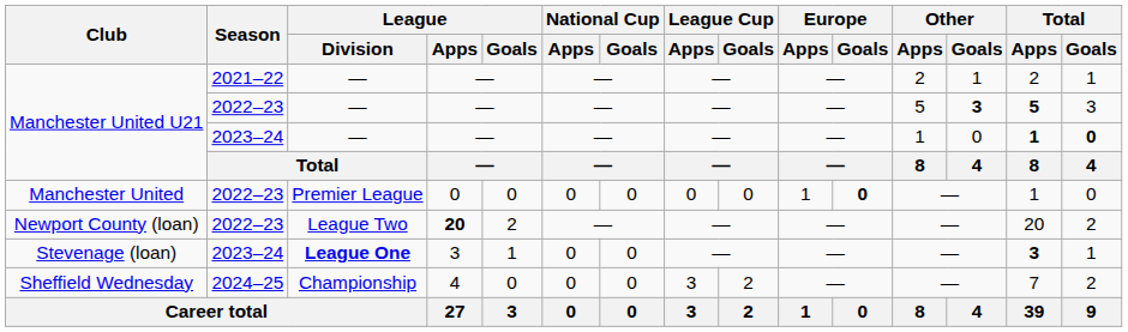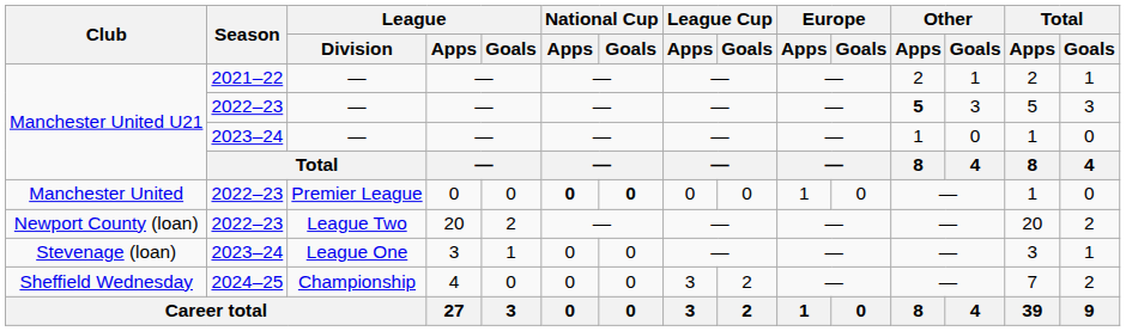 <table class=wikitable style=text-align:center>
 <tr>
 <th rowspan=2>Club</th>
 <th rowspan=2>Season</th>
 <th colspan=3>League</th>
 <th colspan=2>National Cup</th>
 <th colspan=2>League Cup</th>
 <th colspan=2>Europe</th>
 <th colspan=2>Other</th>
 <th colspan=2>Total</th>
 </tr>
 <tr>
 <th>Division</th>
 <th>Apps</th>
 <th>Goals</th>
 <th>Apps</th>
 <th>Goals</th>
 <th>Apps</th>
 <th>Goals</th>
 <th>Apps</th>
 <th>Goals</th>
 <th>Apps</th>
 <th>Goals</th>
 <th>Apps</th>
 <th>Goals</th>
 </tr>
 <tr>
 <td rowspan=4><a href='#'>Manchester United U21</a></td>
 <td><a href='#'>2021–22</a></td>
 <td>—</td>
 <td colspan=2>—</td>
 <td colspan=2>—</td>
 <td colspan=2>—</td>
 <td colspan=2>—</td>
 <td>2</td>
 <td>1</td>
 <td>2</td>
 <td>1</td>
 </tr>
 <tr>
 <td><a href='#'>2022–23</a></td>
 <td>—</td>
 <td colspan=2>—</td>
 <td colspan=2>—</td>
 <td colspan=2>—</td>
 <td colspan=2>—</td>
+<td><strong>5</strong></td>
+<td>3</td>
 <td>5</td>
-<td><strong>3</strong></td>
-<td><strong>5</strong></td>
 <td>3</td>
 </tr>
 <tr>
 <td><a href='#'>2023–24</a></td>
 <td>—</td>
 <td colspan=2>—</td>
 <td colspan=2>—</td>
 <td colspan=2>—</td>
 <td colspan=2>—</td>
 <td>1</td>
 <td>0</td>
-<td><strong>1</strong></td>
-<td><strong>0</strong></td>
+<td>1</td>
+<td>0</td>
 </tr>
 <tr>
 <th colspan=2>Total</th>
 <th colspan=2>—</th>
 <th colspan=2>—</th>
 <th colspan=2>—</th>
 <th colspan=2>—</th>
 <th>8</th>
 <th>4</th>
 <th>8</th>
 <th>4</th>
 </tr>
 <tr>
 <td><a href='#'>Manchester United</a></td>
 <td><a href='#'>2022–23</a></td>
 <td><a href='#'>Premier League</a></td>
 <td>0</td>
 <td>0</td>
-<td>0</td>
-<td>0</td>
+<td><strong>0</strong></td>
+<td><strong>0</strong></td>
 <td>0</td>
 <td>0</td>
 <td>1</td>
-<td><strong>0</strong></td>
+<td>0</td>
 <td colspan=2>—</td>
 <td>1</td>
 <td>0</td>
 </tr>
 <tr>
 <td><a href='#'>Newport County</a> (loan)</td>
 <td><a href='#'>2022–23</a></td>
 <td><a href='#'>League Two</a></td>
-<td><strong>20</strong></td>
+<td>20</td>
 <td>2</td>
 <td colspan=2>—</td>
 <td colspan=2>—</td>
 <td colspan=2>—</td>
 <td colspan=2>—</td>
 <td>20</td>
 <td>2</td>
 </tr>
 <tr>
 <td><a href='#'>Stevenage</a> (loan)</td>
 <td><a href='#'>2023–24</a></td>
-<td><strong><a href='#'>League One</a></strong></td>
+<td><a href='#'>League One</a></td>
 <td>3</td>
 <td>1</td>
 <td>0</td>
 <td>0</td>
 <td colspan=2>—</td>
 <td colspan=2>—</td>
 <td colspan=2>—</td>
-<td><strong>3</strong></td>
+<td>3</td>
 <td>1</td>
 </tr>
 <tr>
 <td><a href='#'>Sheffield Wednesday</a></td>
 <td><a href='#'>2024–25</a></td>
 <td><a href='#'>Championship</a></td>
 <td>4</td>
 <td>0</td>
 <td>0</td>
 <td>0</td>
 <td>3</td>
 <td>2</td>
 <td colspan=2>—</td>
 <td colspan=2>—</td>
 <td>7</td>
 <td>2</td>
 </tr>
 <tr>
 <th colspan=3>Career total</th>
 <th>27</th>
 <th>3</th>
 <th>0</th>
 <th>0</th>
 <th>3</th>
 <th>2</th>
 <th>1</th>
 <th>0</th>
 <th>8</th>
 <th>4</th>
 <th>39</th>
 <th>9</th>
 </tr>
 </table>
